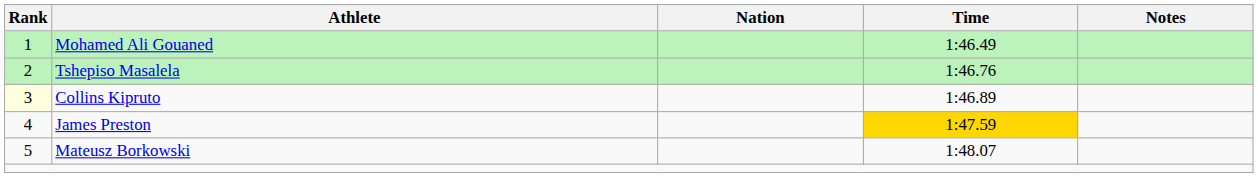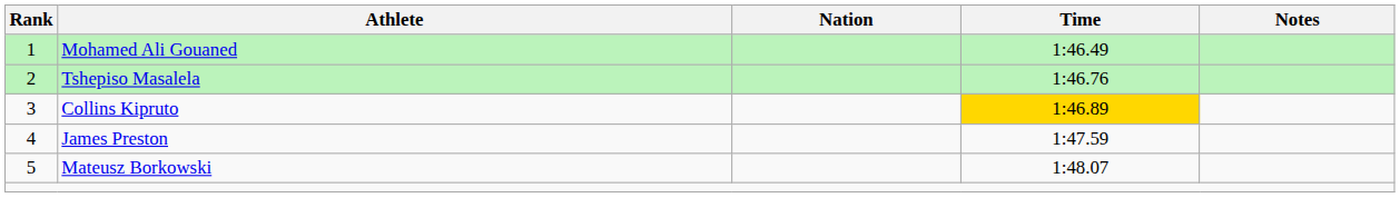 <table class="wikitable sortable" style="text-align:center;width: 60%;">
 <tr>
 <th scope="col" style="width: 10px;">Rank</th>
 <th scope="col">Athlete</th>
 <th scope="col">Nation</th>
 <th scope="col">Time</th>
 <th scope="col">Notes</th>
 </tr>
 <tr bgcolor=bbf3bb>
 <td>1</td>
 <td align=left><a href='#'>Mohamed Ali Gouaned</a></td>
 <td align=left></td>
 <td>1:46.49</td>
 <td></td>
 </tr>
 <tr bgcolor=bbf3bb>
 <td>2</td>
 <td align=left><a href='#'>Tshepiso Masalela</a></td>
 <td align=left></td>
 <td>1:46.76</td>
 <td></td>
 </tr>
 <tr>
-<td style="background: lightyellow;">3</td>
+<td>3</td>
 <td align=left><a href='#'>Collins Kipruto</a></td>
 <td align=left></td>
-<td>1:46.89</td>
+<td style="background: gold;">1:46.89</td>
 <td></td>
 </tr>
 <tr>
 <td>4</td>
 <td align=left><a href='#'>James Preston</a></td>
 <td align=left></td>
-<td style="background: gold;">1:47.59</td>
+<td>1:47.59</td>
 <td></td>
 </tr>
 <tr>
 <td>5</td>
 <td align=left><a href='#'>Mateusz Borkowski</a></td>
 <td align=left></td>
 <td>1:48.07</td>
 <td></td>
 </tr>
 <tr class="sortbottom">
 <td colspan="5"></td>
 </tr>
 </table>
